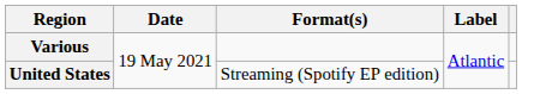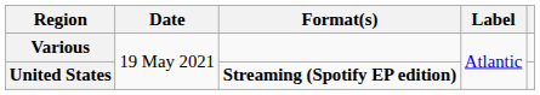 <table class="wikitable plainrowheaders">
 <tr>
 <th scope="col">Region</th>
 <th scope="col">Date</th>
 <th scope="col">Format(s)</th>
 <th scope="col">Label</th>
 <th scope="col"></th>
 </tr>
 <tr>
 <th scope="row">Various</th>
 <td rowspan="2">19 May 2021</td>
 <td></td>
 <td rowspan="2"><a href='#'>Atlantic</a></td>
 <td style="text-align:center;"></td>
 </tr>
 <tr>
 <th scope="row">United States</th>
-<td>Streaming (Spotify EP edition)</td>
+<td><strong>Streaming (Spotify EP edition)</strong></td>
 <td style="text-align:center;"></td>
 </tr>
 </table>
